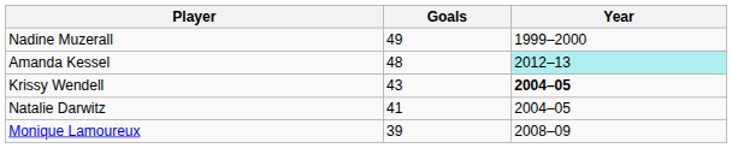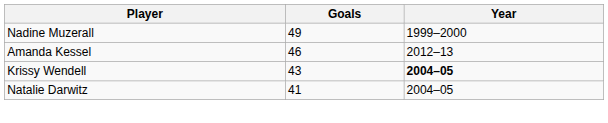 <table class="wikitable" style="width: 50em">
 <tr>
 <th>Player</th>
 <th>Goals</th>
 <th>Year</th>
 </tr>
 <tr>
 <td>Nadine Muzerall</td>
 <td>49</td>
 <td>1999–2000</td>
 </tr>
 <tr>
 <td>Amanda Kessel</td>
-<td>48</td>
-<td style="background: paleturquoise;">2012–13</td>
+<td>46</td>
+<td>2012–13</td>
 </tr>
 <tr>
 <td>Krissy Wendell</td>
 <td>43</td>
 <td><strong>2004–05</strong></td>
 </tr>
 <tr>
 <td>Natalie Darwitz</td>
 <td>41</td>
 <td>2004–05</td>
 </tr>
-<tr>
-<td><a href='#'>Monique Lamoureux</a></td>
-<td>39</td>
-<td>2008–09</td>
-</tr>
 </table>
